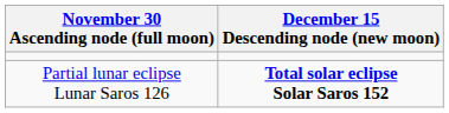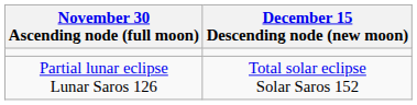 <table class="wikitable">
 <tr>
 <th><a href='#'>November 30</a><br>Ascending node (full moon)<br></th>
 <th><a href='#'>December 15</a><br>Descending node (new moon)<br></th>
 </tr>
 <tr>
 <td></td>
 <td></td>
 </tr>
 <tr align=center>
 <td><a href='#'>Partial lunar eclipse</a><br>Lunar Saros 126</td>
-<td><strong><a href='#'>Total solar eclipse</a><br>Solar Saros 152</strong></td>
+<td><a href='#'>Total solar eclipse</a><br>Solar Saros 152</td>
 </tr>
 </table>
